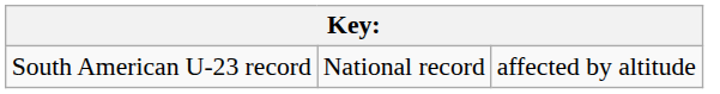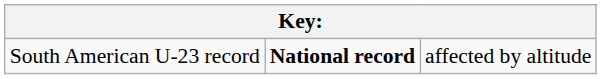 <table class="wikitable">
 <tr>
 <th colspan=3>Key:</th>
 </tr>
 <tr>
 <td>South American U-23 record</td>
-<td>National record</td>
+<td><strong>National record</strong></td>
 <td>affected by altitude</td>
 </tr>
 </table>
